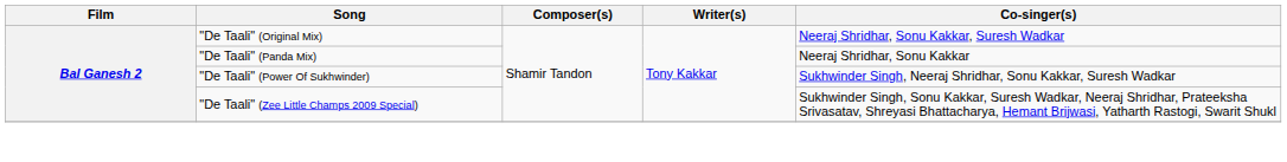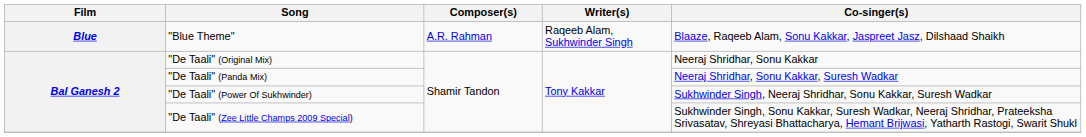 <table class="wikitable plainrowheaders" width="100%">
 <tr>
 <th width=15%>Film</th>
 <th width=24%>Song</th>
 <th width=11%>Composer(s)</th>
 <th width=12%>Writer(s)</th>
 <th width=42%>Co-singer(s)</th>
 </tr>
 <tr>
+<th scope="row"><em><a href='#'>Blue</a></em></th>
+<td>"Blue Theme"</td>
+<td><a href='#'>A.R. Rahman</a></td>
+<td>Raqeeb Alam, <a href='#'>Sukhwinder Singh</a></td>
+<td><a href='#'>Blaaze</a>, Raqeeb Alam, <a href='#'>Sonu Kakkar</a>, <a href='#'>Jaspreet Jasz</a>, Dilshaad Shaikh</td>
+</tr>
+<tr>
 <th scope="row" rowspan="4"><em><a href='#'>Bal Ganesh 2</a></em> </th>
 <td>"De Taali" <small>(Original Mix)</small></td>
 <td rowspan="4">Shamir Tandon</td>
 <td rowspan="4"><a href='#'>Tony Kakkar</a></td>
-<td><a href='#'>Neeraj Shridhar</a>, <a href='#'>Sonu Kakkar</a>, <a href='#'>Suresh Wadkar</a></td>
+<td>Neeraj Shridhar, Sonu Kakkar</td>
 </tr>
 <tr>
 <td>"De Taali" <small>(Panda Mix)</small></td>
-<td>Neeraj Shridhar, Sonu Kakkar</td>
+<td><a href='#'>Neeraj Shridhar</a>, <a href='#'>Sonu Kakkar</a>, <a href='#'>Suresh Wadkar</a></td>
 </tr>
 <tr>
 <td>"De Taali" <small>(Power Of Sukhwinder)</small></td>
 <td><a href='#'>Sukhwinder Singh</a>, Neeraj Shridhar, Sonu Kakkar, Suresh Wadkar</td>
 </tr>
 <tr>
 <td>"De Taali" <small>(<a href='#'>Zee Little Champs 2009 Special</a>)</small></td>
 <td>Sukhwinder Singh, Sonu Kakkar, Suresh Wadkar, Neeraj Shridhar, Prateeksha Srivasatav, Shreyasi Bhattacharya, <a href='#'>Hemant Brijwasi</a>, Yatharth Rastogi, Swarit Shukl</td>
 </tr>
 <tr>
 </tr>
 </table>
